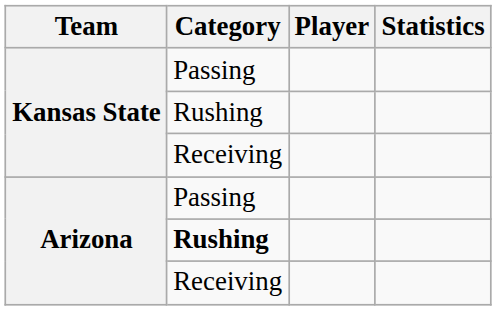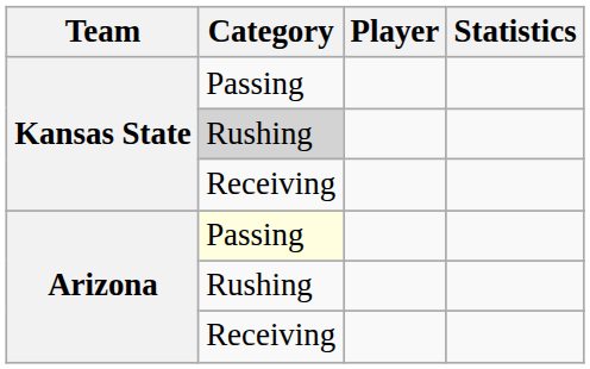 <table class="wikitable" style="float:right">
 <tr>
 <th>Team</th>
 <th>Category</th>
 <th>Player</th>
 <th>Statistics</th>
 </tr>
 <tr>
 <th rowspan=3>Kansas State</th>
 <td>Passing</td>
 <td></td>
 <td></td>
 </tr>
 <tr>
-<td>Rushing</td>
+<td style="background: lightgrey;">Rushing</td>
 <td></td>
 <td></td>
 </tr>
 <tr>
 <td>Receiving</td>
 <td></td>
 <td></td>
 </tr>
 <tr>
 <th rowspan=3>Arizona</th>
-<td>Passing</td>
+<td style="background: lightyellow;">Passing</td>
 <td></td>
 <td></td>
 </tr>
 <tr>
-<td><strong>Rushing</strong></td>
+<td>Rushing</td>
 <td></td>
 <td></td>
 </tr>
 <tr>
 <td>Receiving</td>
 <td></td>
 <td></td>
 </tr>
 </table>
